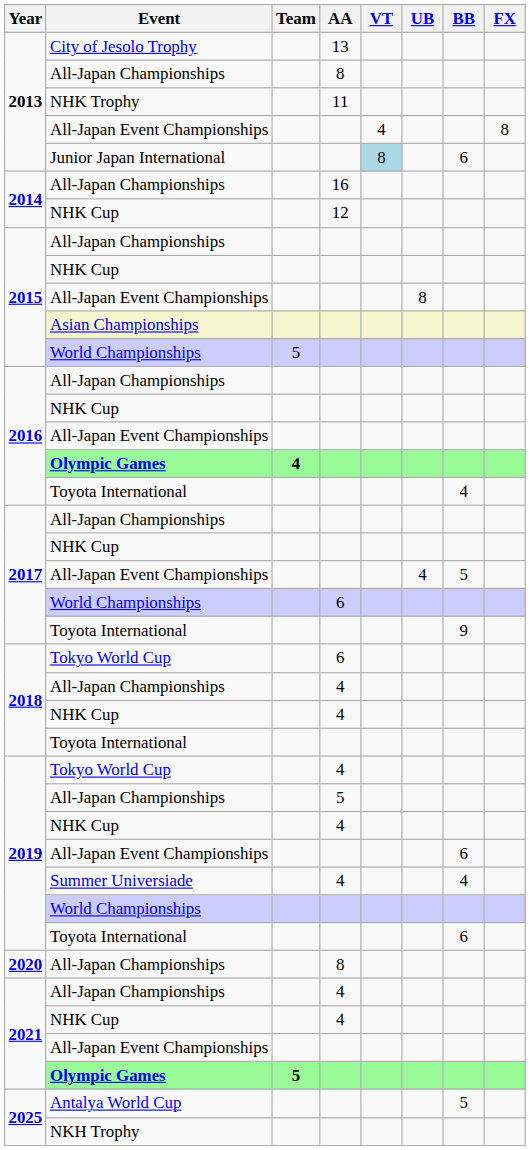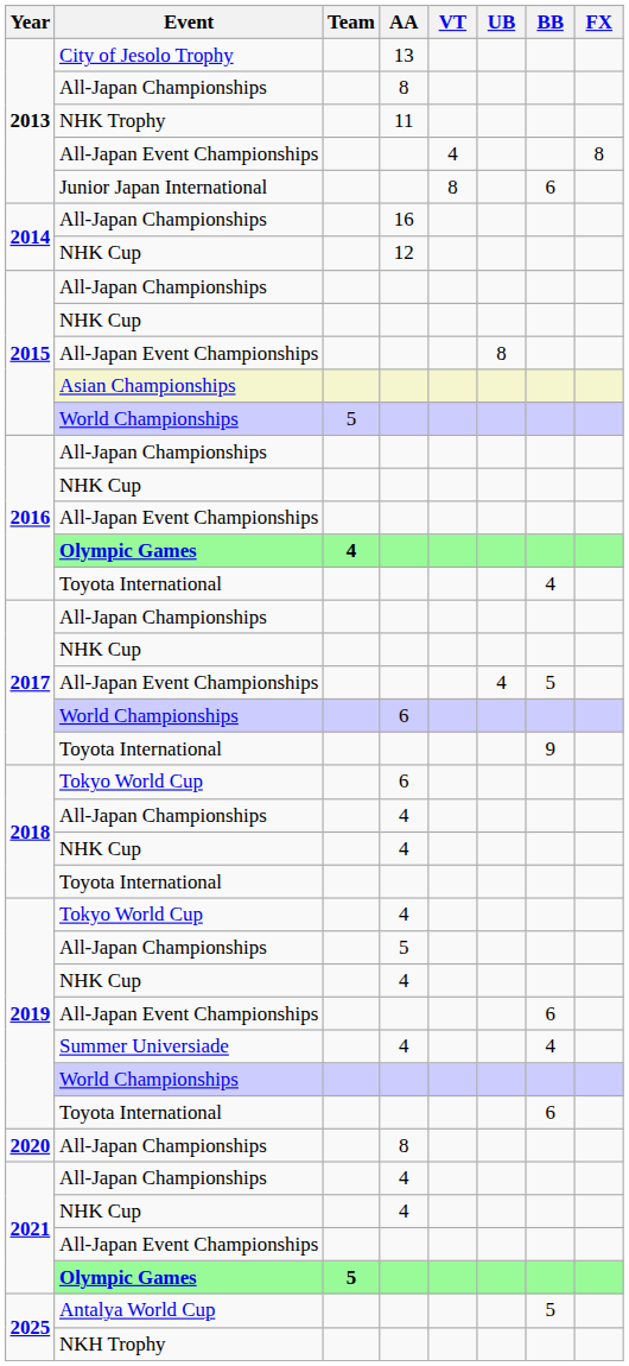 <table class="wikitable" style="text-align:center; font-size:95%;">
 <tr>
 <th align=center>Year</th>
 <th align=center>Event</th>
 <th style="width:30px;">Team</th>
 <th style="width:30px;">AA</th>
 <th style="width:30px;"><a href='#'>VT</a></th>
 <th style="width:30px;"><a href='#'>UB</a></th>
 <th style="width:30px;"><a href='#'>BB</a></th>
 <th style="width:30px;"><a href='#'>FX</a></th>
 </tr>
 <tr>
 <td rowspan="5"><strong>2013</strong></td>
 <td align=left><a href='#'>City of Jesolo Trophy</a></td>
 <td></td>
 <td>13</td>
 <td></td>
 <td></td>
 <td></td>
 <td></td>
 </tr>
 <tr>
 <td align=left>All-Japan Championships</td>
 <td></td>
 <td>8</td>
 <td></td>
 <td></td>
 <td></td>
 <td></td>
 </tr>
 <tr>
 <td align=left>NHK Trophy</td>
 <td></td>
 <td>11</td>
 <td></td>
 <td></td>
 <td></td>
 <td></td>
 </tr>
 <tr>
 <td align=left>All-Japan Event Championships</td>
 <td></td>
 <td></td>
 <td>4</td>
 <td></td>
 <td></td>
 <td>8</td>
 </tr>
 <tr>
 <td align=left>Junior Japan International</td>
 <td></td>
 <td></td>
-<td style="background: lightblue;">8</td>
+<td>8</td>
 <td></td>
 <td>6</td>
 </tr>
 <tr>
 <td rowspan="2"><strong><a href='#'>2014</a></strong></td>
 <td align=left>All-Japan Championships</td>
 <td></td>
 <td>16</td>
 <td></td>
 <td></td>
 <td></td>
 <td></td>
 </tr>
 <tr>
 <td align=left>NHK Cup</td>
 <td></td>
 <td>12</td>
 <td></td>
 <td></td>
 <td></td>
 <td></td>
 </tr>
 <tr>
 <td rowspan="5"><strong><a href='#'>2015</a></strong></td>
 <td align=left>All-Japan Championships</td>
 <td></td>
 <td></td>
 <td></td>
 <td></td>
 <td></td>
 <td></td>
 </tr>
 <tr>
 <td align=left>NHK Cup</td>
 <td></td>
 <td></td>
 <td></td>
 <td></td>
 <td></td>
 <td></td>
 </tr>
 <tr>
 <td align=left>All-Japan Event Championships</td>
 <td></td>
 <td></td>
 <td></td>
 <td>8</td>
 <td></td>
 <td></td>
 </tr>
 <tr bgcolor=#F5F6CE>
 <td align=left><a href='#'>Asian Championships</a></td>
 <td></td>
 <td></td>
 <td></td>
 <td></td>
 <td></td>
 <td></td>
 </tr>
 <tr bgcolor=#CCCCFF>
 <td align=left><a href='#'>World Championships</a></td>
 <td>5</td>
 <td></td>
 <td></td>
 <td></td>
 <td></td>
 <td></td>
 </tr>
 <tr>
 <td rowspan="5"><strong><a href='#'>2016</a></strong></td>
 <td align=left>All-Japan Championships</td>
 <td></td>
 <td></td>
 <td></td>
 <td></td>
 <td></td>
 <td></td>
 </tr>
 <tr>
 <td align=left>NHK Cup</td>
 <td></td>
 <td></td>
 <td></td>
 <td></td>
 <td></td>
 <td></td>
 </tr>
 <tr>
 <td align=left>All-Japan Event Championships</td>
 <td></td>
 <td></td>
 <td></td>
 <td></td>
 <td></td>
 <td></td>
 </tr>
 <tr bgcolor=98FB98>
 <td align=left><strong><a href='#'>Olympic Games</a></strong></td>
 <td><strong>4</strong></td>
 <td></td>
 <td></td>
 <td></td>
 <td></td>
 <td></td>
 </tr>
 <tr>
 <td align=left>Toyota International</td>
 <td></td>
 <td></td>
 <td></td>
 <td></td>
 <td>4</td>
 <td></td>
 </tr>
 <tr>
 <td rowspan="5"><strong><a href='#'>2017</a></strong></td>
 <td align=left>All-Japan Championships</td>
 <td></td>
 <td></td>
 <td></td>
 <td></td>
 <td></td>
 <td></td>
 </tr>
 <tr>
 <td align=left>NHK Cup</td>
 <td></td>
 <td></td>
 <td></td>
 <td></td>
 <td></td>
 <td></td>
 </tr>
 <tr>
 <td align=left>All-Japan Event Championships</td>
 <td></td>
 <td></td>
 <td></td>
 <td>4</td>
 <td>5</td>
 <td></td>
 </tr>
 <tr bgcolor=#CCCCFF>
 <td align=left><a href='#'>World Championships</a></td>
 <td></td>
 <td>6</td>
 <td></td>
 <td></td>
 <td></td>
 <td></td>
 </tr>
 <tr>
 <td align=left>Toyota International</td>
 <td></td>
 <td></td>
 <td></td>
 <td></td>
 <td>9</td>
 <td></td>
 </tr>
 <tr>
 <td rowspan="4"><strong><a href='#'>2018</a></strong></td>
 <td align=left><a href='#'>Tokyo World Cup</a></td>
 <td></td>
 <td>6</td>
 <td></td>
 <td></td>
 <td></td>
 <td></td>
 </tr>
 <tr>
 <td align=left>All-Japan Championships</td>
 <td></td>
 <td>4</td>
 <td></td>
 <td></td>
 <td></td>
 <td></td>
 </tr>
 <tr>
 <td align=left>NHK Cup</td>
 <td></td>
 <td>4</td>
 <td></td>
 <td></td>
 <td></td>
 <td></td>
 </tr>
 <tr>
 <td align=left>Toyota International</td>
 <td></td>
 <td></td>
 <td></td>
 <td></td>
 <td></td>
 <td></td>
 </tr>
 <tr>
 <td rowspan="7"><strong><a href='#'>2019</a></strong></td>
 <td align=left><a href='#'>Tokyo World Cup</a></td>
 <td></td>
 <td>4</td>
 <td></td>
 <td></td>
 <td></td>
 <td></td>
 </tr>
 <tr>
 <td align=left>All-Japan Championships</td>
 <td></td>
 <td>5</td>
 <td></td>
 <td></td>
 <td></td>
 <td></td>
 </tr>
 <tr>
 <td align=left>NHK Cup</td>
 <td></td>
 <td>4</td>
 <td></td>
 <td></td>
 <td></td>
 <td></td>
 </tr>
 <tr>
 <td align=left>All-Japan Event Championships</td>
 <td></td>
 <td></td>
 <td></td>
 <td></td>
 <td>6</td>
 <td></td>
 </tr>
 <tr>
 <td align=left><a href='#'>Summer Universiade</a></td>
 <td></td>
 <td>4</td>
 <td></td>
 <td></td>
 <td>4</td>
 <td></td>
 </tr>
 <tr bgcolor=#CCCCFF>
 <td align=left><a href='#'>World Championships</a></td>
 <td></td>
 <td></td>
 <td></td>
 <td></td>
 <td></td>
 <td></td>
 </tr>
 <tr>
 <td align=left>Toyota International</td>
 <td></td>
 <td></td>
 <td></td>
 <td></td>
 <td>6</td>
 <td></td>
 </tr>
 <tr>
 <td rowspan="1"><strong><a href='#'>2020</a></strong></td>
 <td align=left>All-Japan Championships</td>
 <td></td>
 <td>8</td>
 <td></td>
 <td></td>
 <td></td>
 <td></td>
 </tr>
 <tr>
 <td rowspan="4"><strong><a href='#'>2021</a></strong></td>
 <td align=left>All-Japan Championships</td>
 <td></td>
 <td>4</td>
 <td></td>
 <td></td>
 <td></td>
 <td></td>
 </tr>
 <tr>
 <td align=left>NHK Cup</td>
 <td></td>
 <td>4</td>
 <td></td>
 <td></td>
 <td></td>
 <td></td>
 </tr>
 <tr>
 <td align=left>All-Japan Event Championships</td>
 <td></td>
 <td></td>
 <td></td>
 <td></td>
 <td></td>
 <td></td>
 </tr>
 <tr bgcolor=98FB98>
 <td align=left><strong><a href='#'>Olympic Games</a></strong></td>
 <td><strong>5</strong></td>
 <td></td>
 <td></td>
 <td></td>
 <td></td>
 <td></td>
 </tr>
 <tr>
 <td rowspan="2"><strong><a href='#'>2025</a></strong></td>
 <td align=left><a href='#'>Antalya World Cup</a></td>
 <td></td>
 <td></td>
 <td></td>
 <td></td>
 <td>5</td>
 <td></td>
 </tr>
 <tr>
 <td align=left>NKH Trophy</td>
 <td></td>
 <td></td>
 <td></td>
 <td></td>
 <td></td>
 <td></td>
 </tr>
 </table>
